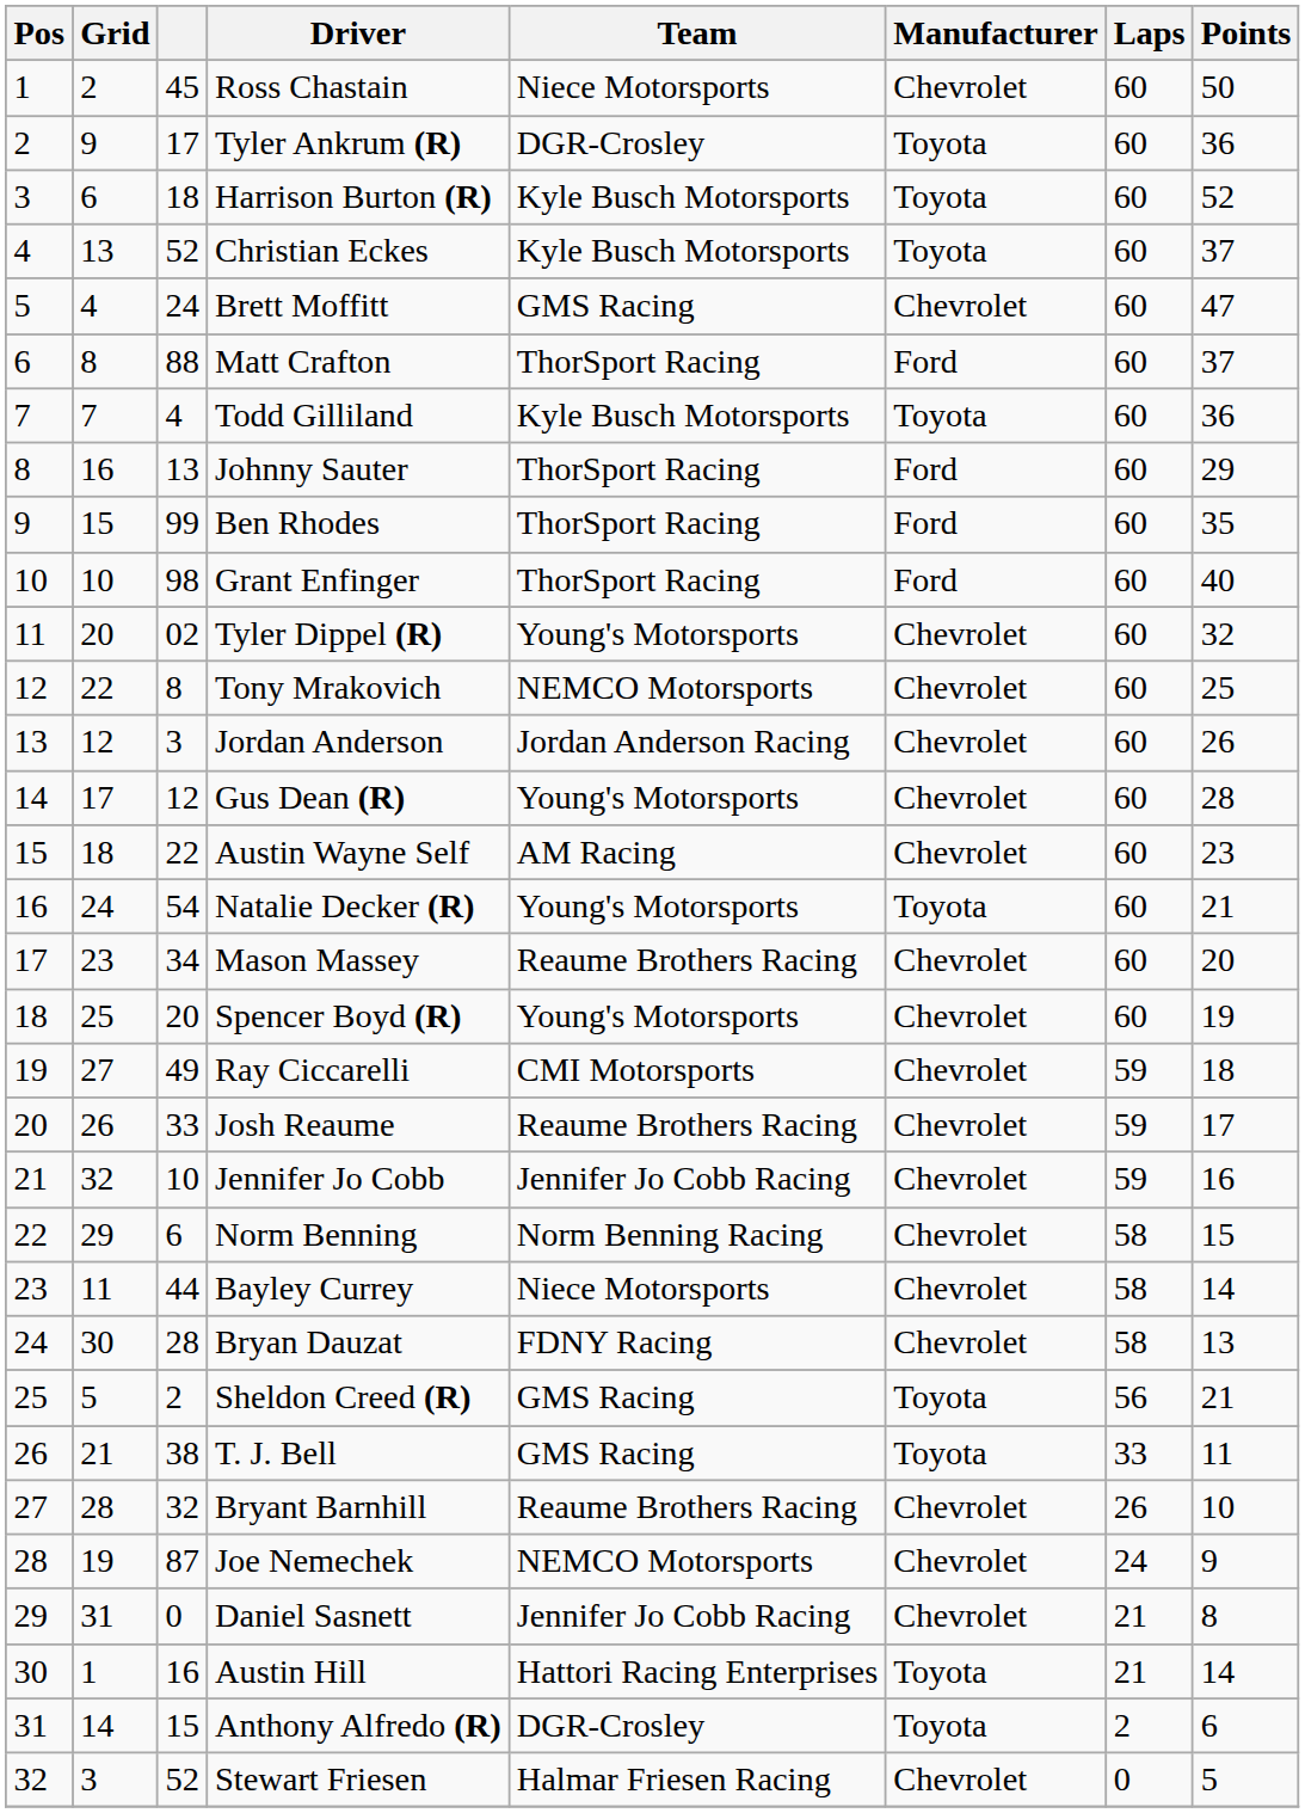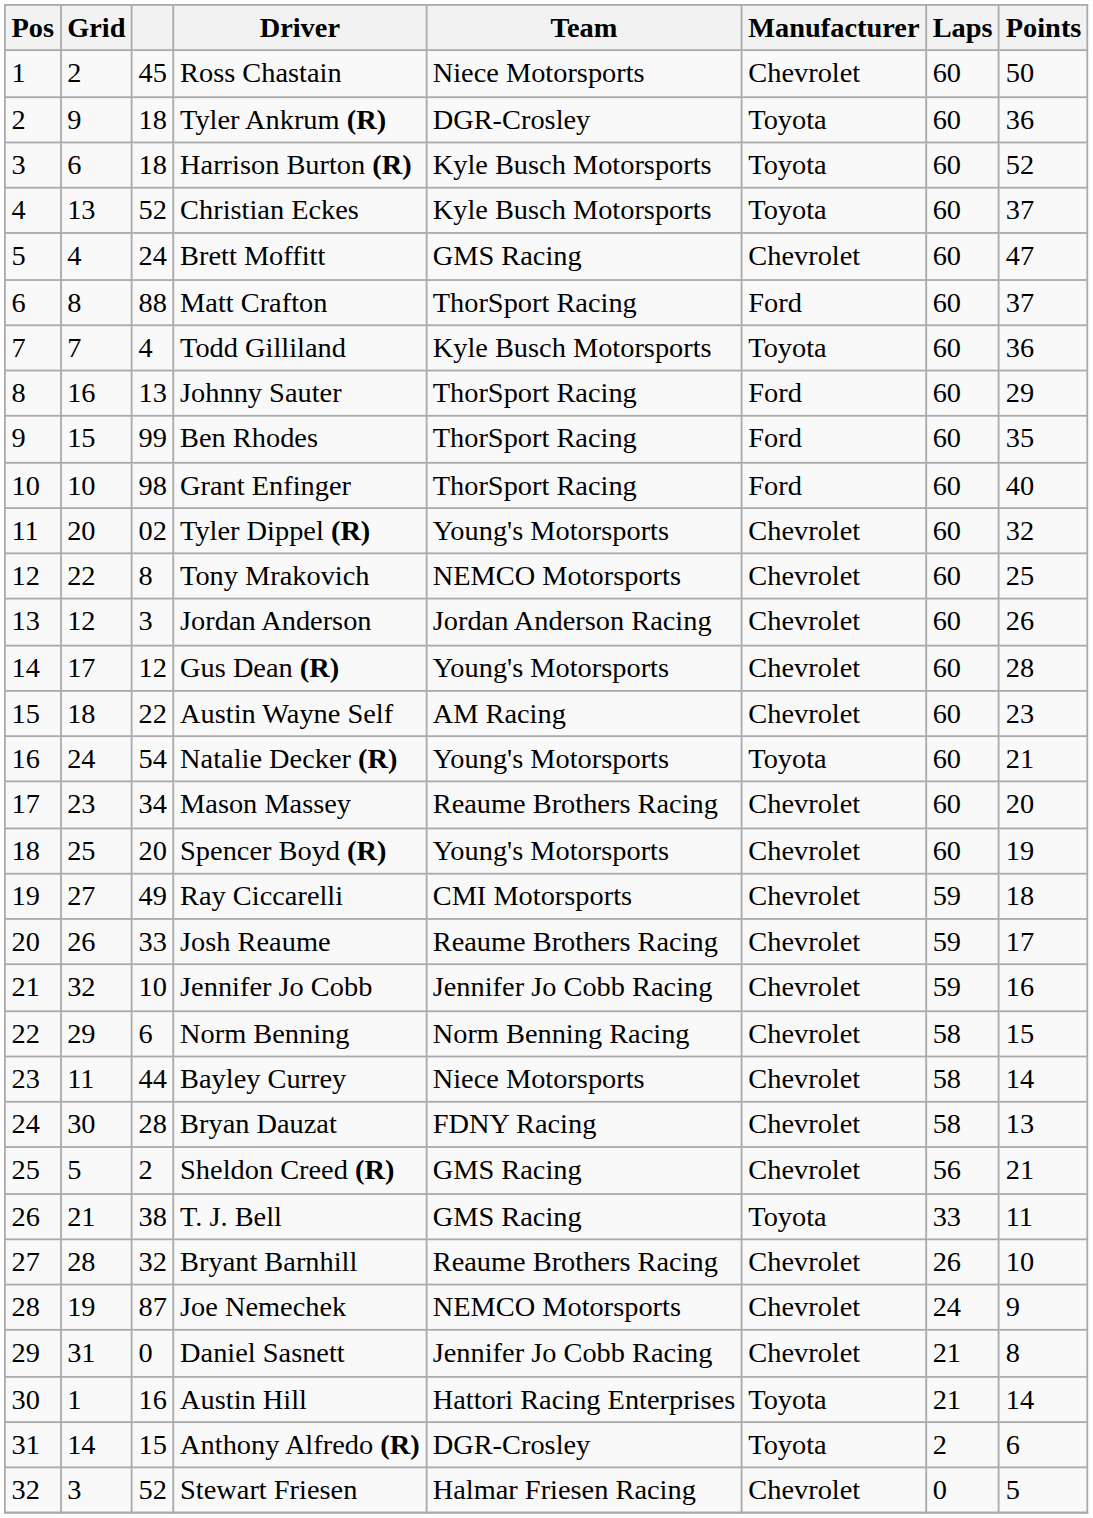 <table class="wikitable" style="font-size:98%">
 <tr>
 <th>Pos</th>
 <th>Grid</th>
 <th></th>
 <th>Driver</th>
 <th>Team</th>
 <th>Manufacturer</th>
 <th>Laps</th>
 <th>Points</th>
 </tr>
 <tr>
 <td>1</td>
 <td>2</td>
 <td>45</td>
 <td>Ross Chastain</td>
 <td>Niece Motorsports</td>
 <td>Chevrolet</td>
 <td>60</td>
 <td>50</td>
 </tr>
 <tr>
 <td>2</td>
 <td>9</td>
-<td>17</td>
+<td>18</td>
 <td>Tyler Ankrum <strong>(R)</strong></td>
 <td>DGR-Crosley</td>
 <td>Toyota</td>
 <td>60</td>
 <td>36</td>
 </tr>
 <tr>
 <td>3</td>
 <td>6</td>
 <td>18</td>
 <td>Harrison Burton <strong>(R)</strong></td>
 <td>Kyle Busch Motorsports</td>
 <td>Toyota</td>
 <td>60</td>
 <td>52</td>
 </tr>
 <tr>
 <td>4</td>
 <td>13</td>
 <td>52</td>
 <td>Christian Eckes</td>
 <td>Kyle Busch Motorsports</td>
 <td>Toyota</td>
 <td>60</td>
 <td>37</td>
 </tr>
 <tr>
 <td>5</td>
 <td>4</td>
 <td>24</td>
 <td>Brett Moffitt</td>
 <td>GMS Racing</td>
 <td>Chevrolet</td>
 <td>60</td>
 <td>47</td>
 </tr>
 <tr>
 <td>6</td>
 <td>8</td>
 <td>88</td>
 <td>Matt Crafton</td>
 <td>ThorSport Racing</td>
 <td>Ford</td>
 <td>60</td>
 <td>37</td>
 </tr>
 <tr>
 <td>7</td>
 <td>7</td>
 <td>4</td>
 <td>Todd Gilliland</td>
 <td>Kyle Busch Motorsports</td>
 <td>Toyota</td>
 <td>60</td>
 <td>36</td>
 </tr>
 <tr>
 <td>8</td>
 <td>16</td>
 <td>13</td>
 <td>Johnny Sauter</td>
 <td>ThorSport Racing</td>
 <td>Ford</td>
 <td>60</td>
 <td>29</td>
 </tr>
 <tr>
 <td>9</td>
 <td>15</td>
 <td>99</td>
 <td>Ben Rhodes</td>
 <td>ThorSport Racing</td>
 <td>Ford</td>
 <td>60</td>
 <td>35</td>
 </tr>
 <tr>
 <td>10</td>
 <td>10</td>
 <td>98</td>
 <td>Grant Enfinger</td>
 <td>ThorSport Racing</td>
 <td>Ford</td>
 <td>60</td>
 <td>40</td>
 </tr>
 <tr>
 <td>11</td>
 <td>20</td>
 <td>02</td>
 <td>Tyler Dippel <strong>(R)</strong></td>
 <td>Young's Motorsports</td>
 <td>Chevrolet</td>
 <td>60</td>
 <td>32</td>
 </tr>
 <tr>
 <td>12</td>
 <td>22</td>
 <td>8</td>
 <td>Tony Mrakovich</td>
 <td>NEMCO Motorsports</td>
 <td>Chevrolet</td>
 <td>60</td>
 <td>25</td>
 </tr>
 <tr>
 <td>13</td>
 <td>12</td>
 <td>3</td>
 <td>Jordan Anderson</td>
 <td>Jordan Anderson Racing</td>
 <td>Chevrolet</td>
 <td>60</td>
 <td>26</td>
 </tr>
 <tr>
 <td>14</td>
 <td>17</td>
 <td>12</td>
 <td>Gus Dean <strong>(R)</strong></td>
 <td>Young's Motorsports</td>
 <td>Chevrolet</td>
 <td>60</td>
 <td>28</td>
 </tr>
 <tr>
 <td>15</td>
 <td>18</td>
 <td>22</td>
 <td>Austin Wayne Self</td>
 <td>AM Racing</td>
 <td>Chevrolet</td>
 <td>60</td>
 <td>23</td>
 </tr>
 <tr>
 <td>16</td>
 <td>24</td>
 <td>54</td>
 <td>Natalie Decker <strong>(R)</strong></td>
 <td>Young's Motorsports</td>
 <td>Toyota</td>
 <td>60</td>
 <td>21</td>
 </tr>
 <tr>
 <td>17</td>
 <td>23</td>
 <td>34</td>
 <td>Mason Massey</td>
 <td>Reaume Brothers Racing</td>
 <td>Chevrolet</td>
 <td>60</td>
 <td>20</td>
 </tr>
 <tr>
 <td>18</td>
 <td>25</td>
 <td>20</td>
 <td>Spencer Boyd <strong>(R)</strong></td>
 <td>Young's Motorsports</td>
 <td>Chevrolet</td>
 <td>60</td>
 <td>19</td>
 </tr>
 <tr>
 <td>19</td>
 <td>27</td>
 <td>49</td>
 <td>Ray Ciccarelli</td>
 <td>CMI Motorsports</td>
 <td>Chevrolet</td>
 <td>59</td>
 <td>18</td>
 </tr>
 <tr>
 <td>20</td>
 <td>26</td>
 <td>33</td>
 <td>Josh Reaume</td>
 <td>Reaume Brothers Racing</td>
 <td>Chevrolet</td>
 <td>59</td>
 <td>17</td>
 </tr>
 <tr>
 <td>21</td>
 <td>32</td>
 <td>10</td>
 <td>Jennifer Jo Cobb</td>
 <td>Jennifer Jo Cobb Racing</td>
 <td>Chevrolet</td>
 <td>59</td>
 <td>16</td>
 </tr>
 <tr>
 <td>22</td>
 <td>29</td>
 <td>6</td>
 <td>Norm Benning</td>
 <td>Norm Benning Racing</td>
 <td>Chevrolet</td>
 <td>58</td>
 <td>15</td>
 </tr>
 <tr>
 <td>23</td>
 <td>11</td>
 <td>44</td>
 <td>Bayley Currey</td>
 <td>Niece Motorsports</td>
 <td>Chevrolet</td>
 <td>58</td>
 <td>14</td>
 </tr>
 <tr>
 <td>24</td>
 <td>30</td>
 <td>28</td>
 <td>Bryan Dauzat</td>
 <td>FDNY Racing</td>
 <td>Chevrolet</td>
 <td>58</td>
 <td>13</td>
 </tr>
 <tr>
 <td>25</td>
 <td>5</td>
 <td>2</td>
 <td>Sheldon Creed <strong>(R)</strong></td>
 <td>GMS Racing</td>
-<td>Toyota</td>
+<td>Chevrolet</td>
 <td>56</td>
 <td>21</td>
 </tr>
 <tr>
 <td>26</td>
 <td>21</td>
 <td>38</td>
 <td>T. J. Bell</td>
 <td>GMS Racing</td>
 <td>Toyota</td>
 <td>33</td>
 <td>11</td>
 </tr>
 <tr>
 <td>27</td>
 <td>28</td>
 <td>32</td>
 <td>Bryant Barnhill</td>
 <td>Reaume Brothers Racing</td>
 <td>Chevrolet</td>
 <td>26</td>
 <td>10</td>
 </tr>
 <tr>
 <td>28</td>
 <td>19</td>
 <td>87</td>
 <td>Joe Nemechek</td>
 <td>NEMCO Motorsports</td>
 <td>Chevrolet</td>
 <td>24</td>
 <td>9</td>
 </tr>
 <tr>
 <td>29</td>
 <td>31</td>
 <td>0</td>
 <td>Daniel Sasnett</td>
 <td>Jennifer Jo Cobb Racing</td>
 <td>Chevrolet</td>
 <td>21</td>
 <td>8</td>
 </tr>
 <tr>
 <td>30</td>
 <td>1</td>
 <td>16</td>
 <td>Austin Hill</td>
 <td>Hattori Racing Enterprises</td>
 <td>Toyota</td>
 <td>21</td>
 <td>14</td>
 </tr>
 <tr>
 <td>31</td>
 <td>14</td>
 <td>15</td>
 <td>Anthony Alfredo <strong>(R)</strong></td>
 <td>DGR-Crosley</td>
 <td>Toyota</td>
 <td>2</td>
 <td>6</td>
 </tr>
 <tr>
 <td>32</td>
 <td>3</td>
 <td>52</td>
 <td>Stewart Friesen</td>
 <td>Halmar Friesen Racing</td>
 <td>Chevrolet</td>
 <td>0</td>
 <td>5</td>
 </tr>
 <tr>
 </tr>
 </table>
